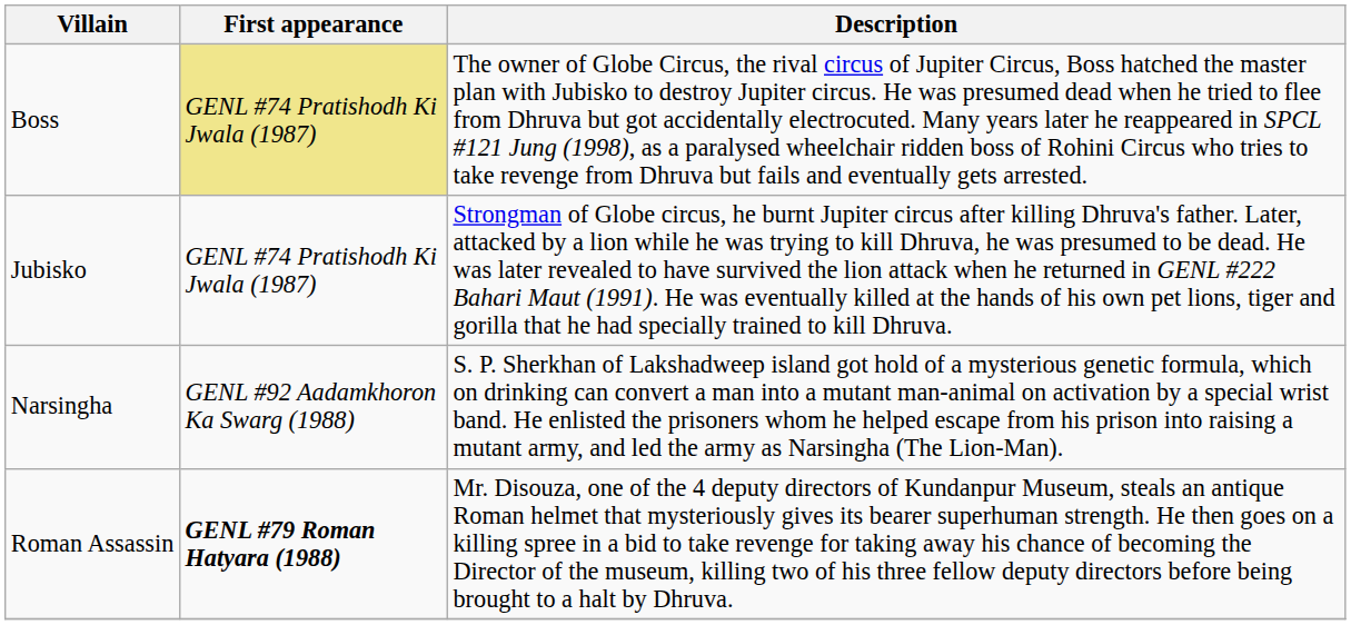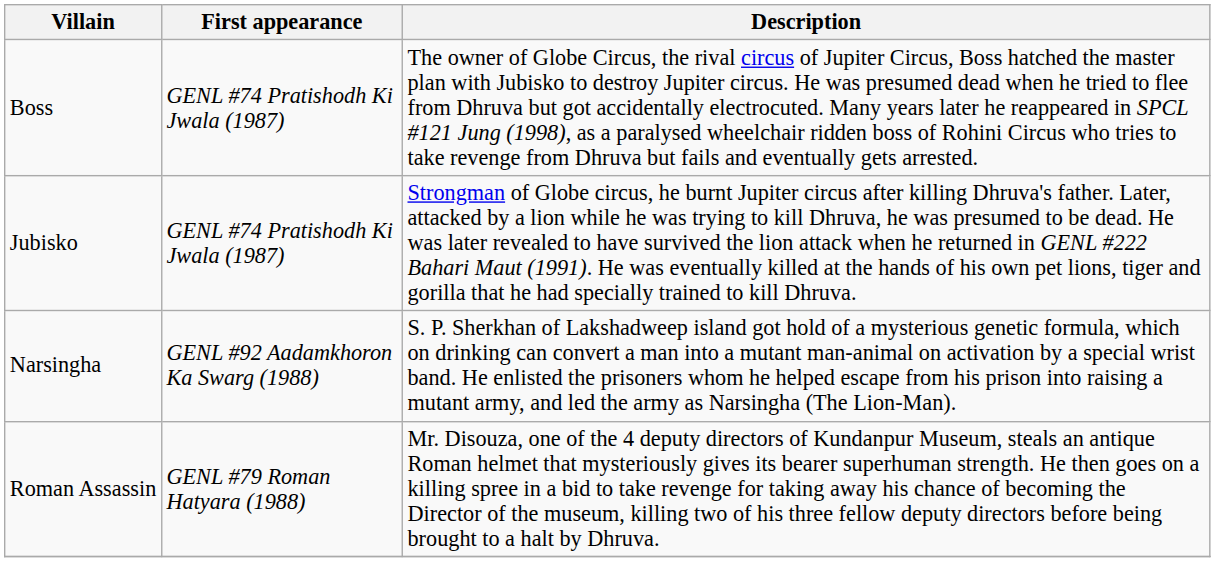 <table class="wikitable">
 <tr>
 <th style="width:13%;">Villain</th>
 <th style="width:20%;">First appearance</th>
 <th style="width:67%;">Description</th>
 </tr>
 <tr>
 <td>Boss</td>
-<td style="background: khaki;"><em>GENL #74 Pratishodh Ki Jwala (1987)</em></td>
+<td><em>GENL #74 Pratishodh Ki Jwala (1987)</em></td>
 <td>The owner of Globe Circus, the rival <a href='#'>circus</a> of Jupiter Circus, Boss hatched the master plan with Jubisko to destroy Jupiter circus. He was presumed dead when he tried to flee from Dhruva but got accidentally electrocuted. Many years later he reappeared in <em>SPCL #121 Jung (1998)</em>, as a paralysed wheelchair ridden boss of Rohini Circus who tries to take revenge from Dhruva but fails and eventually gets arrested.</td>
 </tr>
 <tr>
 <td>Jubisko</td>
 <td><em>GENL #74 Pratishodh Ki Jwala (1987)</em></td>
 <td><a href='#'>Strongman</a> of Globe circus, he burnt Jupiter circus after killing Dhruva's father. Later, attacked by a lion while he was trying to kill Dhruva, he was presumed to be dead. He was later revealed to have survived the lion attack when he returned in <em>GENL #222 Bahari Maut (1991)</em>. He was eventually killed at the hands of his own pet lions, tiger and gorilla that he had specially trained to kill Dhruva.</td>
 </tr>
 <tr>
 <td>Narsingha</td>
 <td><em>GENL #92 Aadamkhoron Ka Swarg (1988)</em></td>
 <td>S. P. Sherkhan of Lakshadweep island got hold of a mysterious genetic formula, which on drinking can convert a man into a mutant man-animal on activation by a special wrist band. He enlisted the prisoners whom he helped escape from his prison into raising a mutant army, and led the army as Narsingha (The Lion-Man).</td>
 </tr>
 <tr>
 <td>Roman Assassin</td>
-<td><strong><em>GENL #79 Roman Hatyara (1988)</em></strong></td>
+<td><em>GENL #79 Roman Hatyara (1988)</em></td>
 <td>Mr. Disouza, one of the 4 deputy directors of Kundanpur Museum, steals an antique Roman helmet that mysteriously gives its bearer superhuman strength. He then goes on a killing spree in a bid to take revenge for taking away his chance of becoming the Director of the museum, killing two of his three fellow deputy directors before being brought to a halt by Dhruva.</td>
 </tr>
 <tr>
 </tr>
 </table>
